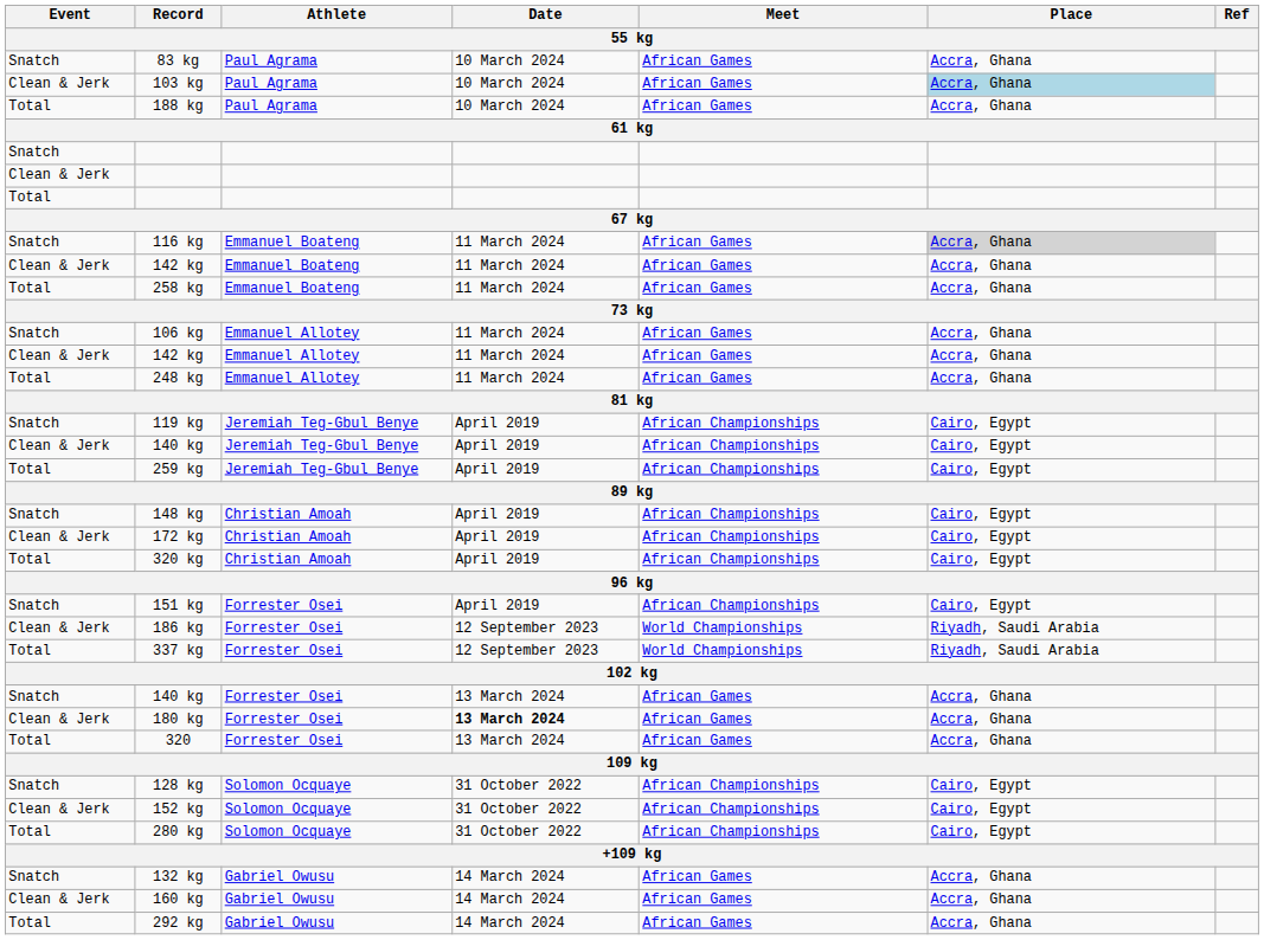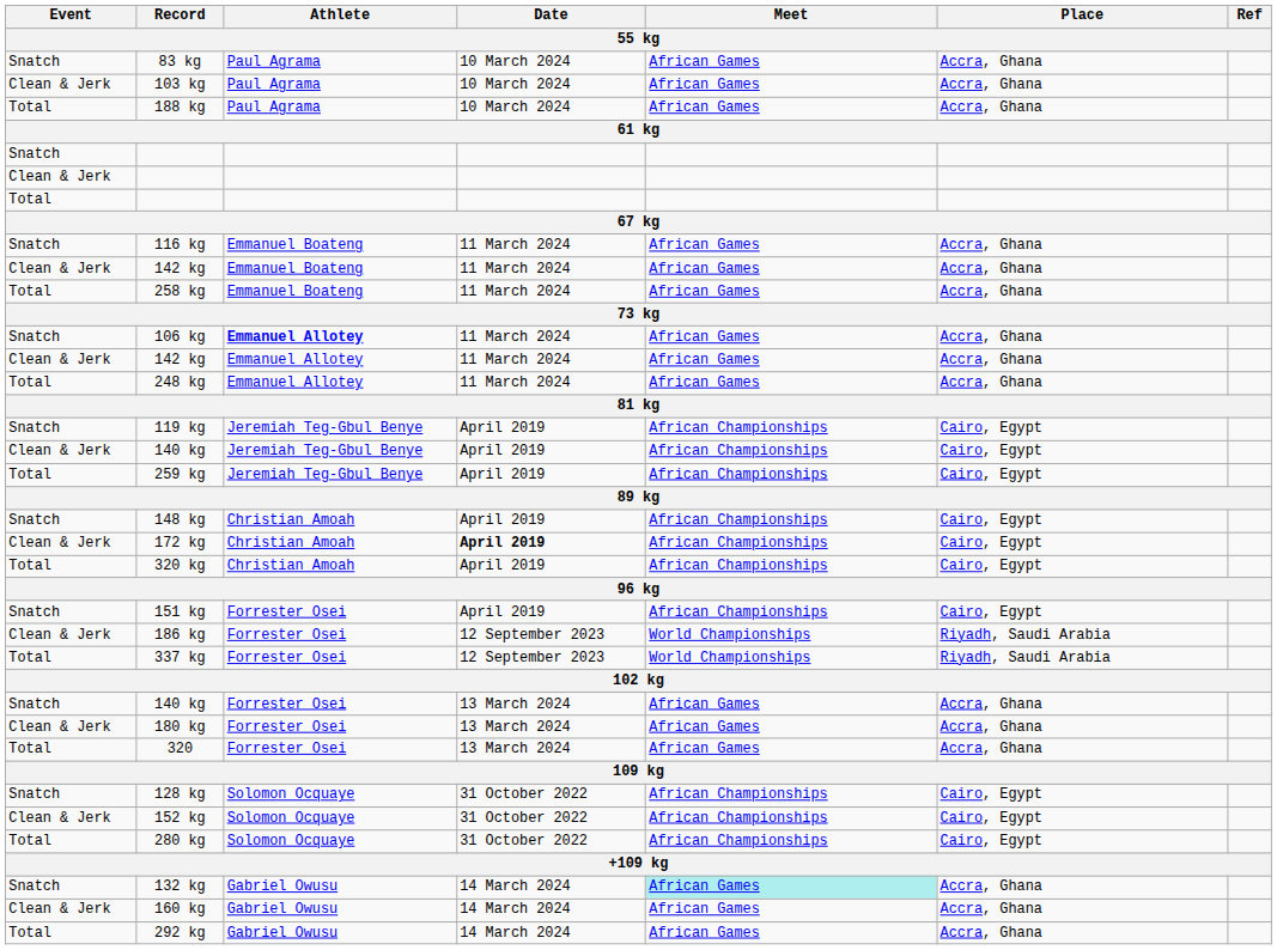 <table class="wikitable" style="font-size:95%;">
 <tr>
 <th width=9%>Event</th>
 <th width=6%>Record</th>
 <th width=16%>Athlete</th>
 <th width=13%>Date</th>
 <th width=20%>Meet</th>
 <th width=20%>Place</th>
 <th width=3%>Ref</th>
 </tr>
 <tr bgcolor="#DDDDDD">
 <th colspan="7">55 kg</th>
 </tr>
 <tr>
 <td>Snatch</td>
 <td align="center">83 kg</td>
 <td><a href='#'>Paul Agrama</a></td>
 <td>10 March 2024</td>
 <td><a href='#'>African Games</a></td>
 <td><a href='#'>Accra</a>, Ghana</td>
 <td></td>
 </tr>
 <tr>
 <td>Clean & Jerk</td>
 <td align="center">103 kg</td>
 <td><a href='#'>Paul Agrama</a></td>
 <td>10 March 2024</td>
 <td><a href='#'>African Games</a></td>
-<td style="background: lightblue;"><a href='#'>Accra</a>, Ghana</td>
+<td><a href='#'>Accra</a>, Ghana</td>
 <td></td>
 </tr>
 <tr>
 <td>Total</td>
 <td align="center">188 kg</td>
 <td><a href='#'>Paul Agrama</a></td>
 <td>10 March 2024</td>
 <td><a href='#'>African Games</a></td>
 <td><a href='#'>Accra</a>, Ghana</td>
 <td></td>
 </tr>
 <tr bgcolor="#DDDDDD">
 <th colspan="7">61 kg</th>
 </tr>
 <tr>
 <td>Snatch</td>
 <td align="center"></td>
 <td></td>
 <td></td>
 <td></td>
 <td></td>
 <td></td>
 </tr>
 <tr>
 <td>Clean & Jerk</td>
 <td align="center"></td>
 <td></td>
 <td></td>
 <td></td>
 <td></td>
 <td></td>
 </tr>
 <tr>
 <td>Total</td>
 <td align="center"></td>
 <td></td>
 <td></td>
 <td></td>
 <td></td>
 <td></td>
 </tr>
 <tr bgcolor="#DDDDDD">
 <th colspan="7">67 kg</th>
 </tr>
 <tr>
 <td>Snatch</td>
 <td align="center">116 kg</td>
 <td><a href='#'>Emmanuel Boateng</a></td>
 <td>11 March 2024</td>
 <td><a href='#'>African Games</a></td>
-<td style="background: lightgrey;"><a href='#'>Accra</a>, Ghana</td>
+<td><a href='#'>Accra</a>, Ghana</td>
 <td></td>
 </tr>
 <tr>
 <td>Clean & Jerk</td>
 <td align="center">142 kg</td>
 <td><a href='#'>Emmanuel Boateng</a></td>
 <td>11 March 2024</td>
 <td><a href='#'>African Games</a></td>
 <td><a href='#'>Accra</a>, Ghana</td>
 <td></td>
 </tr>
 <tr>
 <td>Total</td>
 <td align="center">258 kg</td>
 <td><a href='#'>Emmanuel Boateng</a></td>
 <td>11 March 2024</td>
 <td><a href='#'>African Games</a></td>
 <td><a href='#'>Accra</a>, Ghana</td>
 <td></td>
 </tr>
 <tr bgcolor="#DDDDDD">
 <th colspan="7">73 kg</th>
 </tr>
 <tr>
 <td>Snatch</td>
 <td align="center">106 kg</td>
-<td><a href='#'>Emmanuel Allotey</a></td>
+<td><strong><a href='#'>Emmanuel Allotey</a></strong></td>
 <td>11 March 2024</td>
 <td><a href='#'>African Games</a></td>
 <td><a href='#'>Accra</a>, Ghana</td>
 <td></td>
 </tr>
 <tr>
 <td>Clean & Jerk</td>
 <td align="center">142 kg</td>
 <td><a href='#'>Emmanuel Allotey</a></td>
 <td>11 March 2024</td>
 <td><a href='#'>African Games</a></td>
 <td><a href='#'>Accra</a>, Ghana</td>
 <td></td>
 </tr>
 <tr>
 <td>Total</td>
 <td align="center">248 kg</td>
 <td><a href='#'>Emmanuel Allotey</a></td>
 <td>11 March 2024</td>
 <td><a href='#'>African Games</a></td>
 <td><a href='#'>Accra</a>, Ghana</td>
 <td></td>
 </tr>
 <tr bgcolor="#DDDDDD">
 <th colspan="7">81 kg</th>
 </tr>
 <tr>
 <td>Snatch</td>
 <td align="center">119 kg</td>
 <td><a href='#'>Jeremiah Teg-Gbul Benye</a></td>
 <td>April 2019</td>
 <td><a href='#'>African Championships</a></td>
 <td><a href='#'>Cairo</a>, Egypt</td>
 <td></td>
 </tr>
 <tr>
 <td>Clean & Jerk</td>
 <td align="center">140 kg</td>
 <td><a href='#'>Jeremiah Teg-Gbul Benye</a></td>
 <td>April 2019</td>
 <td><a href='#'>African Championships</a></td>
 <td><a href='#'>Cairo</a>, Egypt</td>
 <td></td>
 </tr>
 <tr>
 <td>Total</td>
 <td align="center">259 kg</td>
 <td><a href='#'>Jeremiah Teg-Gbul Benye</a></td>
 <td>April 2019</td>
 <td><a href='#'>African Championships</a></td>
 <td><a href='#'>Cairo</a>, Egypt</td>
 <td></td>
 </tr>
 <tr bgcolor="#DDDDDD">
 <th colspan="7">89 kg</th>
 </tr>
 <tr>
 <td>Snatch</td>
 <td align="center">148 kg</td>
 <td><a href='#'>Christian Amoah</a></td>
 <td>April 2019</td>
 <td><a href='#'>African Championships</a></td>
 <td><a href='#'>Cairo</a>, Egypt</td>
 <td></td>
 </tr>
 <tr>
 <td>Clean & Jerk</td>
 <td align="center">172 kg</td>
 <td><a href='#'>Christian Amoah</a></td>
-<td>April 2019</td>
+<td><strong>April 2019</strong></td>
 <td><a href='#'>African Championships</a></td>
 <td><a href='#'>Cairo</a>, Egypt</td>
 <td></td>
 </tr>
 <tr>
 <td>Total</td>
 <td align="center">320 kg</td>
 <td><a href='#'>Christian Amoah</a></td>
 <td>April 2019</td>
 <td><a href='#'>African Championships</a></td>
 <td><a href='#'>Cairo</a>, Egypt</td>
 <td></td>
 </tr>
 <tr bgcolor="#DDDDDD">
 <th colspan="7">96 kg</th>
 </tr>
 <tr>
 <td>Snatch</td>
 <td align="center">151 kg</td>
 <td><a href='#'>Forrester Osei</a></td>
 <td>April 2019</td>
 <td><a href='#'>African Championships</a></td>
 <td><a href='#'>Cairo</a>, Egypt</td>
 <td></td>
 </tr>
 <tr>
 <td>Clean & Jerk</td>
 <td align="center">186 kg</td>
 <td><a href='#'>Forrester Osei</a></td>
 <td>12 September 2023</td>
 <td><a href='#'>World Championships</a></td>
 <td><a href='#'>Riyadh</a>, Saudi Arabia</td>
 <td></td>
 </tr>
 <tr>
 <td>Total</td>
 <td align="center">337 kg</td>
 <td><a href='#'>Forrester Osei</a></td>
 <td>12 September 2023</td>
 <td><a href='#'>World Championships</a></td>
 <td><a href='#'>Riyadh</a>, Saudi Arabia</td>
 <td></td>
 </tr>
 <tr bgcolor="#DDDDDD">
 <th colspan="7">102 kg</th>
 </tr>
 <tr>
 <td>Snatch</td>
 <td align="center">140 kg</td>
 <td><a href='#'>Forrester Osei</a></td>
 <td>13 March 2024</td>
 <td><a href='#'>African Games</a></td>
 <td><a href='#'>Accra</a>, Ghana</td>
 <td></td>
 </tr>
 <tr>
 <td>Clean & Jerk</td>
 <td align="center">180 kg</td>
 <td><a href='#'>Forrester Osei</a></td>
-<td><strong>13 March 2024</strong></td>
+<td>13 March 2024</td>
 <td><a href='#'>African Games</a></td>
 <td><a href='#'>Accra</a>, Ghana</td>
 <td></td>
 </tr>
 <tr>
 <td>Total</td>
 <td align="center">320</td>
 <td><a href='#'>Forrester Osei</a></td>
 <td>13 March 2024</td>
 <td><a href='#'>African Games</a></td>
 <td><a href='#'>Accra</a>, Ghana</td>
 <td></td>
 </tr>
 <tr bgcolor="#DDDDDD">
 <th colspan="7">109 kg</th>
 </tr>
 <tr>
 <td>Snatch</td>
 <td align="center">128 kg</td>
 <td><a href='#'>Solomon Ocquaye</a></td>
 <td>31 October 2022</td>
 <td><a href='#'>African Championships</a></td>
 <td><a href='#'>Cairo</a>, Egypt</td>
 <td></td>
 </tr>
 <tr>
 <td>Clean & Jerk</td>
 <td align="center">152 kg</td>
 <td><a href='#'>Solomon Ocquaye</a></td>
 <td>31 October 2022</td>
 <td><a href='#'>African Championships</a></td>
 <td><a href='#'>Cairo</a>, Egypt</td>
 <td></td>
 </tr>
 <tr>
 <td>Total</td>
 <td align="center">280 kg</td>
 <td><a href='#'>Solomon Ocquaye</a></td>
 <td>31 October 2022</td>
 <td><a href='#'>African Championships</a></td>
 <td><a href='#'>Cairo</a>, Egypt</td>
 <td></td>
 </tr>
 <tr bgcolor="#DDDDDD">
 <th colspan="7">+109 kg</th>
 </tr>
 <tr>
 <td>Snatch</td>
 <td align="center">132 kg</td>
 <td><a href='#'>Gabriel Owusu</a></td>
 <td>14 March 2024</td>
-<td><a href='#'>African Games</a></td>
+<td style="background: paleturquoise;"><a href='#'>African Games</a></td>
 <td><a href='#'>Accra</a>, Ghana</td>
 <td></td>
 </tr>
 <tr>
 <td>Clean & Jerk</td>
 <td align="center">160 kg</td>
 <td><a href='#'>Gabriel Owusu</a></td>
 <td>14 March 2024</td>
 <td><a href='#'>African Games</a></td>
 <td><a href='#'>Accra</a>, Ghana</td>
 <td></td>
 </tr>
 <tr>
 <td>Total</td>
 <td align="center">292 kg</td>
 <td><a href='#'>Gabriel Owusu</a></td>
 <td>14 March 2024</td>
 <td><a href='#'>African Games</a></td>
 <td><a href='#'>Accra</a>, Ghana</td>
 <td></td>
 </tr>
 </table>
